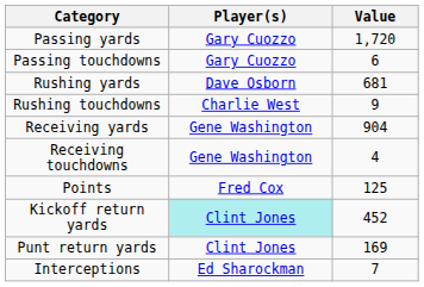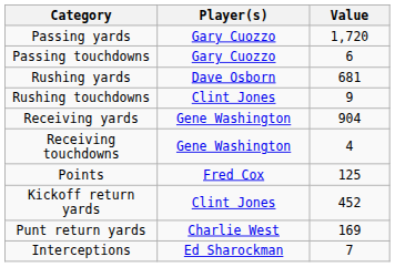 <table class="wikitable" style="text-align:center">
 <tr>
 <th width=150px>Category</th>
 <th width=150px>Player(s)</th>
 <th width=75px>Value</th>
 </tr>
 <tr>
 <td>Passing yards</td>
 <td><a href='#'>Gary Cuozzo</a></td>
 <td>1,720</td>
 </tr>
 <tr>
 <td>Passing touchdowns</td>
 <td><a href='#'>Gary Cuozzo</a></td>
 <td>6</td>
 </tr>
 <tr>
 <td>Rushing yards</td>
 <td><a href='#'>Dave Osborn</a></td>
 <td>681</td>
 </tr>
 <tr>
 <td>Rushing touchdowns</td>
-<td><a href='#'>Charlie West</a></td>
+<td><a href='#'>Clint Jones</a></td>
 <td>9</td>
 </tr>
 <tr>
 <td>Receiving yards</td>
 <td><a href='#'>Gene Washington</a></td>
 <td>904</td>
 </tr>
 <tr>
 <td>Receiving touchdowns</td>
 <td><a href='#'>Gene Washington</a></td>
 <td>4</td>
 </tr>
 <tr>
 <td>Points</td>
 <td><a href='#'>Fred Cox</a></td>
 <td>125</td>
 </tr>
 <tr>
 <td>Kickoff return yards</td>
-<td style="background: paleturquoise;"><a href='#'>Clint Jones</a></td>
+<td><a href='#'>Clint Jones</a></td>
 <td>452</td>
 </tr>
 <tr>
 <td>Punt return yards</td>
-<td><a href='#'>Clint Jones</a></td>
+<td><a href='#'>Charlie West</a></td>
 <td>169</td>
 </tr>
 <tr>
 <td>Interceptions</td>
 <td><a href='#'>Ed Sharockman</a></td>
 <td>7</td>
 </tr>
 </table>
